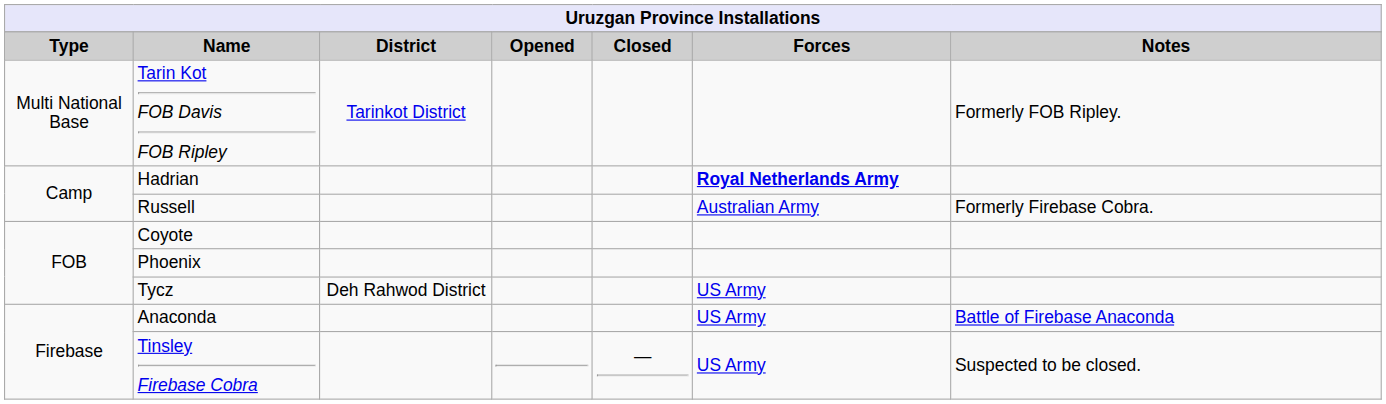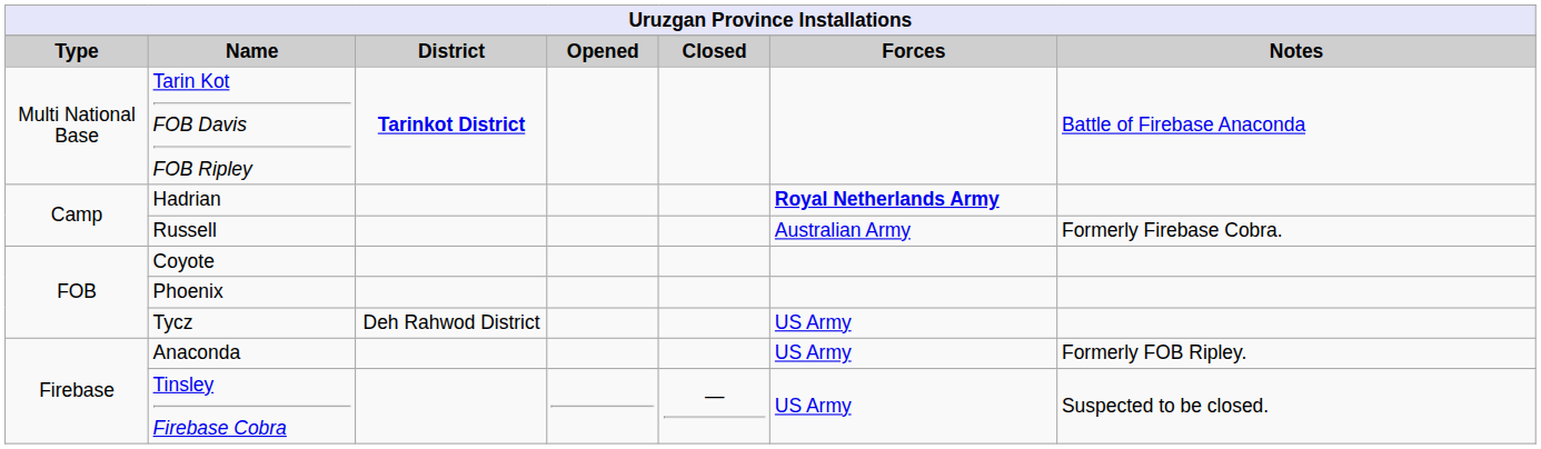 <table class="wikitable sortable" width="100%">
 <tr>
 <th style="align: center; background: lavender" colspan="7"><strong>Uruzgan Province Installations</strong></th>
 </tr>
 <tr style="background:#efefef; color:black">
 </tr>
 <tr>
 <th style="background-color:#cfcfcf;" align="center" width="9%" align="center">Type</th>
 <th style="background-color:#cfcfcf;" align="center" width="13%">Name</th>
 <th style="background-color:#cfcfcf;" align="center" width="12%">District</th>
 <th style="background-color:#cfcfcf;" align="center" width="7%">Opened</th>
 <th style="background-color:#cfcfcf;" align="center" width="7%">Closed</th>
 <th style="background-color:#cfcfcf;" align="center" width="18%" class="unsortable">Forces</th>
 <th style="background-color:#cfcfcf;" align="center" width="30%" class="unsortable">Notes</th>
 </tr>
 <tr>
 <td align="center">Multi National Base</td>
 <td><a href='#'>Tarin Kot</a><hr><em>FOB Davis</em><hr><em>FOB Ripley</em></td>
-<td align="center"><a href='#'>Tarinkot District</a></td>
+<td align="center"><strong><a href='#'>Tarinkot District</a></strong></td>
 <td align="center"></td>
 <td align="center"></td>
 <td></td>
-<td>Formerly FOB Ripley.</td>
+<td><a href='#'>Battle of Firebase Anaconda</a></td>
 </tr>
 <tr>
 <td rowspan="2" align="center">Camp</td>
 <td>Hadrian</td>
 <td align="center"></td>
 <td align="center"></td>
 <td align="center"></td>
 <td><strong> <a href='#'>Royal Netherlands Army</a></strong></td>
 <td></td>
 </tr>
 <tr>
 <td>Russell</td>
 <td align="center"></td>
 <td align="center"></td>
 <td align="center"></td>
 <td> <a href='#'>Australian Army</a></td>
 <td>Formerly Firebase Cobra.</td>
 </tr>
 <tr>
 <td rowspan="3" align="center">FOB</td>
 <td>Coyote</td>
 <td align="center"></td>
 <td align="center"></td>
 <td align="center"></td>
 <td></td>
 <td></td>
 </tr>
 <tr>
 <td>Phoenix</td>
 <td align="center"></td>
 <td align="center"></td>
 <td align="center"></td>
 <td></td>
 <td></td>
 </tr>
 <tr>
 <td>Tycz</td>
 <td align="center">Deh Rahwod District</td>
 <td align="center"></td>
 <td align="center"></td>
 <td> <a href='#'>US Army</a></td>
 <td></td>
 </tr>
 <tr>
 <td rowspan="2" align="center">Firebase</td>
 <td>Anaconda</td>
 <td align="center"></td>
 <td align="center"></td>
 <td align="center"></td>
 <td> <a href='#'>US Army</a></td>
-<td><a href='#'>Battle of Firebase Anaconda</a></td>
+<td>Formerly FOB Ripley.</td>
 </tr>
 <tr>
 <td><a href='#'>Tinsley</a><hr><em><a href='#'>Firebase Cobra</a></em></td>
 <td align="center"></td>
 <td align="center"><hr></td>
 <td align="center">—<hr></td>
 <td> <a href='#'>US Army</a></td>
 <td>Suspected to be closed. </td>
 </tr>
 </table>
